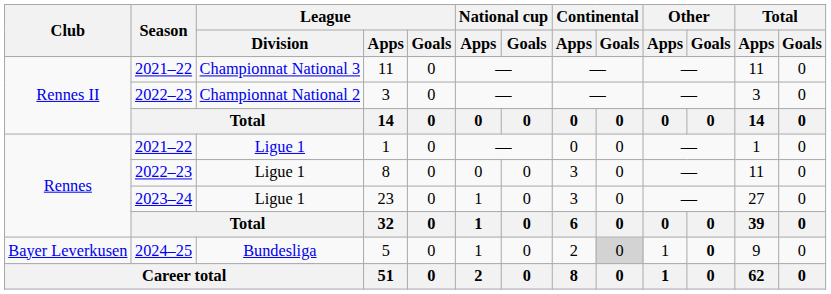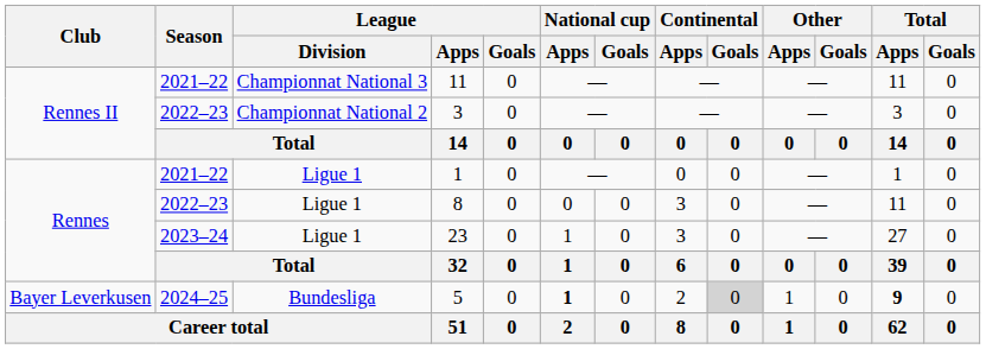 <table class="wikitable" style="text-align:center">
 <tr>
 <th rowspan="2">Club</th>
 <th rowspan="2">Season</th>
 <th colspan="3">League</th>
 <th colspan="2">National cup</th>
 <th colspan="2">Continental</th>
 <th colspan="2">Other</th>
 <th colspan="2">Total</th>
 </tr>
 <tr>
 <th>Division</th>
 <th>Apps</th>
 <th>Goals</th>
 <th>Apps</th>
 <th>Goals</th>
 <th>Apps</th>
 <th>Goals</th>
 <th>Apps</th>
 <th>Goals</th>
 <th>Apps</th>
 <th>Goals</th>
 </tr>
 <tr>
 <td rowspan="3"><a href='#'>Rennes II</a></td>
 <td><a href='#'>2021–22</a></td>
 <td><a href='#'>Championnat National 3</a></td>
 <td>11</td>
 <td>0</td>
 <td colspan="2">—</td>
 <td colspan="2">—</td>
 <td colspan="2">—</td>
 <td>11</td>
 <td>0</td>
 </tr>
 <tr>
 <td><a href='#'>2022–23</a></td>
 <td><a href='#'>Championnat National 2</a></td>
 <td>3</td>
 <td>0</td>
 <td colspan="2">—</td>
 <td colspan="2">—</td>
 <td colspan="2">—</td>
 <td>3</td>
 <td>0</td>
 </tr>
 <tr>
 <th colspan="2">Total</th>
 <th>14</th>
 <th>0</th>
 <th>0</th>
 <th>0</th>
 <th>0</th>
 <th>0</th>
 <th>0</th>
 <th>0</th>
 <th>14</th>
 <th>0</th>
 </tr>
 <tr>
 <td rowspan="4"><a href='#'>Rennes</a></td>
 <td><a href='#'>2021–22</a></td>
 <td><a href='#'>Ligue 1</a></td>
 <td>1</td>
 <td>0</td>
 <td colspan="2">—</td>
 <td>0</td>
 <td>0</td>
 <td colspan="2">—</td>
 <td>1</td>
 <td>0</td>
 </tr>
 <tr>
 <td><a href='#'>2022–23</a></td>
 <td>Ligue 1</td>
 <td>8</td>
 <td>0</td>
 <td>0</td>
 <td>0</td>
 <td>3</td>
 <td>0</td>
 <td colspan="2">—</td>
 <td>11</td>
 <td>0</td>
 </tr>
 <tr>
 <td><a href='#'>2023–24</a></td>
 <td>Ligue 1</td>
 <td>23</td>
 <td>0</td>
 <td>1</td>
 <td>0</td>
 <td>3</td>
 <td>0</td>
 <td colspan="2">—</td>
 <td>27</td>
 <td>0</td>
 </tr>
 <tr>
 <th colspan="2">Total</th>
 <th>32</th>
 <th>0</th>
 <th>1</th>
 <th>0</th>
 <th>6</th>
 <th>0</th>
 <th>0</th>
 <th>0</th>
 <th>39</th>
 <th>0</th>
 </tr>
 <tr>
 <td><a href='#'>Bayer Leverkusen</a></td>
 <td><a href='#'>2024–25</a></td>
 <td><a href='#'>Bundesliga</a></td>
 <td>5</td>
 <td>0</td>
-<td>1</td>
+<td><strong>1</strong></td>
 <td>0</td>
 <td>2</td>
 <td style="background: lightgrey;">0</td>
 <td>1</td>
-<td><strong>0</strong></td>
-<td>9</td>
+<td>0</td>
+<td><strong>9</strong></td>
 <td>0</td>
 </tr>
 <tr>
 <th colspan="3">Career total</th>
 <th>51</th>
 <th>0</th>
 <th>2</th>
 <th>0</th>
 <th>8</th>
 <th>0</th>
 <th>1</th>
 <th>0</th>
 <th>62</th>
 <th>0</th>
 </tr>
 </table>
